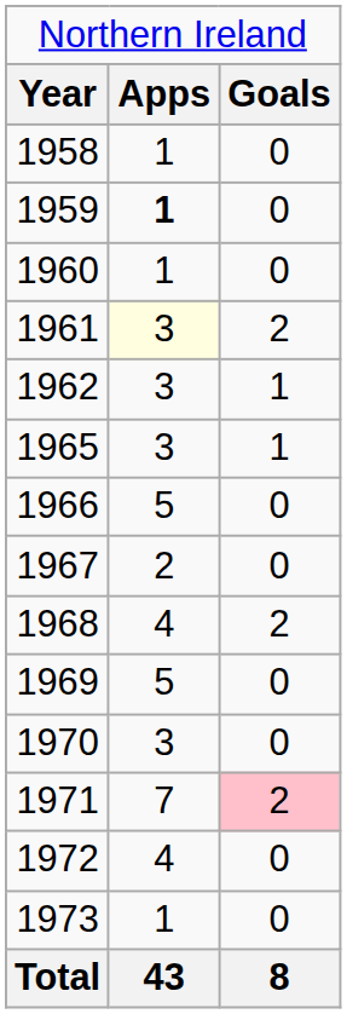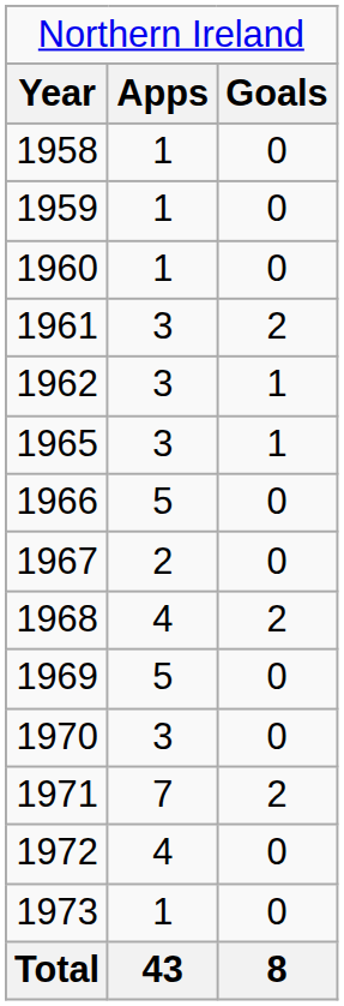 <table class="wikitable" style="text-align:center">
 <tr>
 <td colspan="3"><a href='#'>Northern Ireland</a></td>
 </tr>
 <tr>
 <th>Year</th>
 <th>Apps</th>
 <th>Goals</th>
 </tr>
 <tr>
 <td>1958</td>
 <td>1</td>
 <td>0</td>
 </tr>
 <tr>
 <td>1959</td>
-<td><strong>1</strong></td>
+<td>1</td>
 <td>0</td>
 </tr>
 <tr>
 <td>1960</td>
 <td>1</td>
 <td>0</td>
 </tr>
 <tr>
 <td>1961</td>
-<td style="background: lightyellow;">3</td>
+<td>3</td>
 <td>2</td>
 </tr>
 <tr>
 <td>1962</td>
 <td>3</td>
 <td>1</td>
 </tr>
 <tr>
 <td>1965</td>
 <td>3</td>
 <td>1</td>
 </tr>
 <tr>
 <td>1966</td>
 <td>5</td>
 <td>0</td>
 </tr>
 <tr>
 <td>1967</td>
 <td>2</td>
 <td>0</td>
 </tr>
 <tr>
 <td>1968</td>
 <td>4</td>
 <td>2</td>
 </tr>
 <tr>
 <td>1969</td>
 <td>5</td>
 <td>0</td>
 </tr>
 <tr>
 <td>1970</td>
 <td>3</td>
 <td>0</td>
 </tr>
 <tr>
 <td>1971</td>
 <td>7</td>
-<td style="background: pink;">2</td>
+<td>2</td>
 </tr>
 <tr>
 <td>1972</td>
 <td>4</td>
 <td>0</td>
 </tr>
 <tr>
 <td>1973</td>
 <td>1</td>
 <td>0</td>
 </tr>
 <tr>
 <th>Total</th>
 <th>43</th>
 <th>8</th>
 </tr>
 </table>
